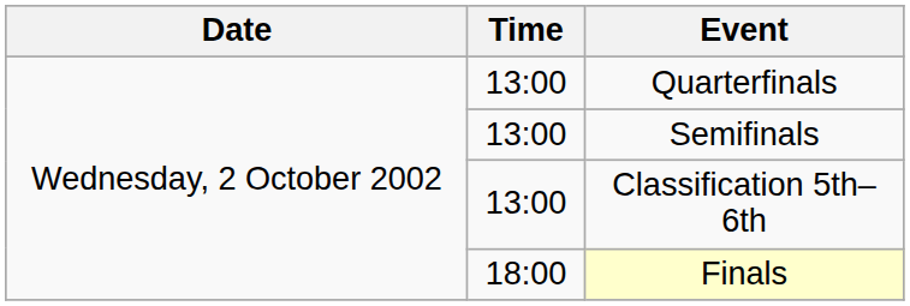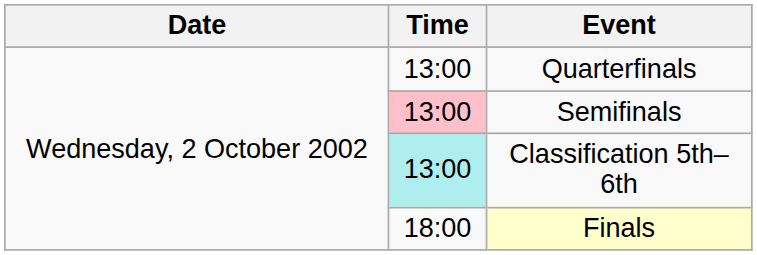 <table class = "wikitable" style="text-align:center;">
 <tr>
 <th width=220>Date</th>
 <th width=50>Time</th>
 <th width=150>Event</th>
 </tr>
 <tr>
 <td rowspan=4>Wednesday, 2 October 2002</td>
 <td>13:00</td>
 <td>Quarterfinals</td>
 </tr>
 <tr>
-<td>13:00</td>
+<td style="background: pink;">13:00</td>
 <td>Semifinals</td>
 </tr>
 <tr>
-<td>13:00</td>
+<td style="background: paleturquoise;">13:00</td>
 <td>Classification 5th–6th</td>
 </tr>
 <tr>
 <td>18:00</td>
 <td bgcolor=ffffcc>Finals</td>
 </tr>
 </table>
